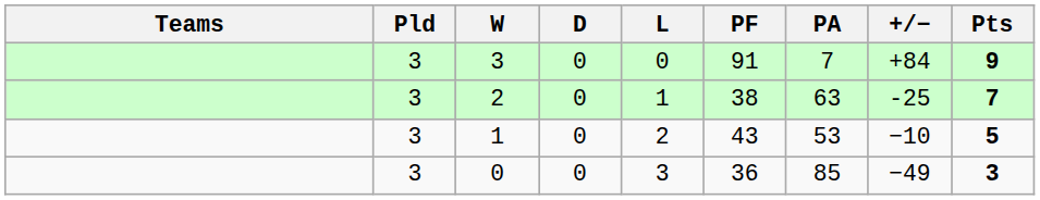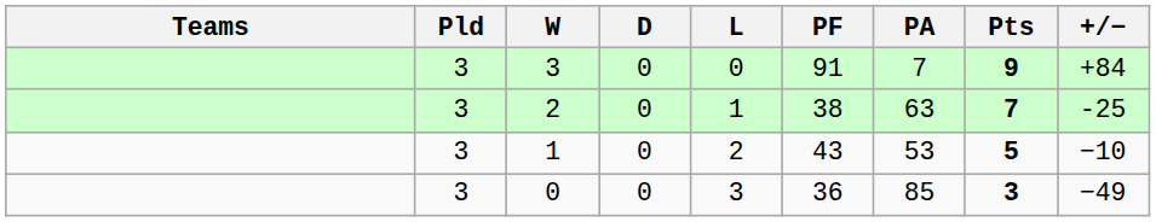 <table class="wikitable" style="text-align: center;">
 <tr>
 <th width="200">Teams</th>
 <th width="40">Pld</th>
 <th width="40">W</th>
 <th width="40">D</th>
 <th width="40">L</th>
 <th width="40">PF</th>
 <th width="40">PA</th>
+<th width="40">Pts</th>
 <th width="40">+/−</th>
-<th width="40">Pts</th>
 </tr>
 <tr bgcolor=ccffcc>
 <td align=left></td>
 <td>3</td>
 <td>3</td>
 <td>0</td>
 <td>0</td>
 <td>91</td>
 <td>7</td>
+<td><strong>9</strong></td>
 <td>+84</td>
-<td><strong>9</strong></td>
 </tr>
 <tr bgcolor=ccffcc>
 <td align=left></td>
 <td>3</td>
 <td>2</td>
 <td>0</td>
 <td>1</td>
 <td>38</td>
 <td>63</td>
+<td><strong>7</strong></td>
 <td>-25</td>
-<td><strong>7</strong></td>
 </tr>
 <tr>
 <td align=left></td>
 <td>3</td>
 <td>1</td>
 <td>0</td>
 <td>2</td>
 <td>43</td>
 <td>53</td>
+<td><strong>5</strong></td>
 <td>−10</td>
-<td><strong>5</strong></td>
 </tr>
 <tr>
 <td align=left></td>
 <td>3</td>
 <td>0</td>
 <td>0</td>
 <td>3</td>
 <td>36</td>
 <td>85</td>
+<td><strong>3</strong></td>
 <td>−49</td>
-<td><strong>3</strong></td>
 </tr>
 </table>
